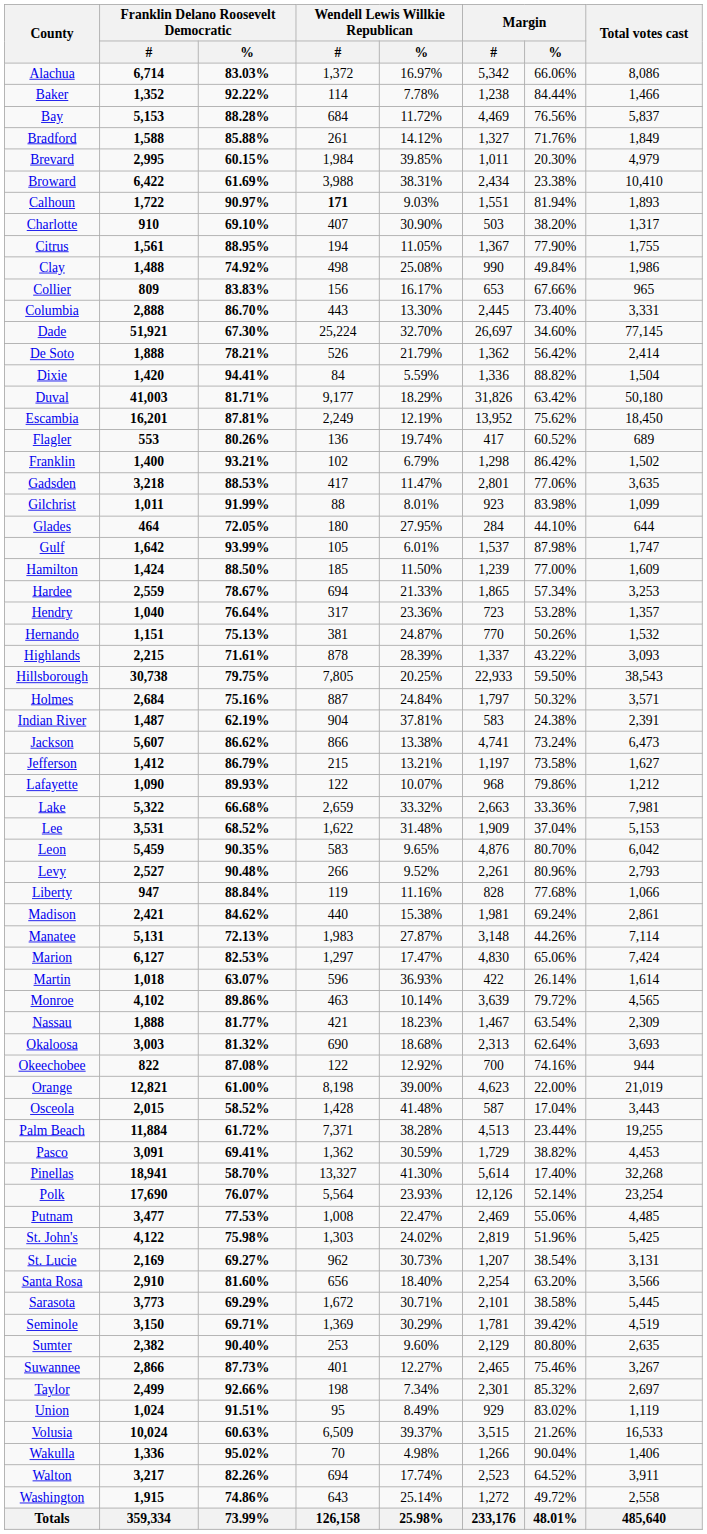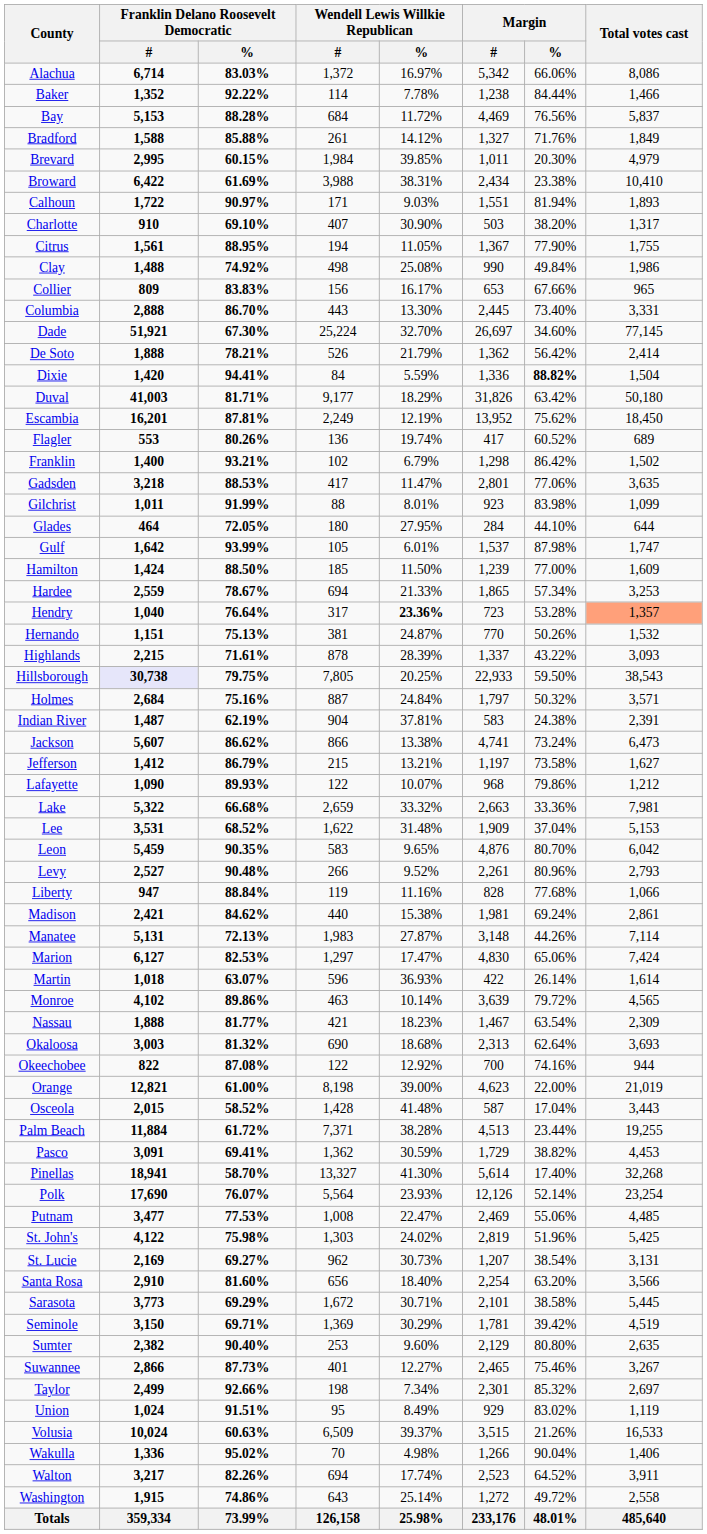 <table width="65%"  class="wikitable sortable" style="text-align:center">
 <tr>
 <th style="text-align:center;" rowspan="2">County</th>
 <th style="text-align:center;" colspan="2">Franklin Delano Roosevelt<br>Democratic</th>
 <th style="text-align:center;" colspan="2">Wendell Lewis Willkie<br>Republican</th>
 <th style="text-align:center;" colspan="2">Margin</th>
 <th style="text-align:center;" rowspan="2">Total votes cast</th>
 </tr>
 <tr>
 <th style="text-align:center;" data-sort-type="number">#</th>
 <th style="text-align:center;" data-sort-type="number">%</th>
 <th style="text-align:center;" data-sort-type="number">#</th>
 <th style="text-align:center;" data-sort-type="number">%</th>
 <th style="text-align:center;" data-sort-type="number">#</th>
 <th style="text-align:center;" data-sort-type="number">%</th>
 </tr>
 <tr style="text-align:center;">
 <td><a href='#'>Alachua</a></td>
 <td><strong>6,714</strong></td>
 <td><strong>83.03%</strong></td>
 <td>1,372</td>
 <td>16.97%</td>
 <td>5,342</td>
 <td>66.06%</td>
 <td>8,086</td>
 </tr>
 <tr style="text-align:center;">
 <td><a href='#'>Baker</a></td>
 <td><strong>1,352</strong></td>
 <td><strong>92.22%</strong></td>
 <td>114</td>
 <td>7.78%</td>
 <td>1,238</td>
 <td>84.44%</td>
 <td>1,466</td>
 </tr>
 <tr style="text-align:center;">
 <td><a href='#'>Bay</a></td>
 <td><strong>5,153</strong></td>
 <td><strong>88.28%</strong></td>
 <td>684</td>
 <td>11.72%</td>
 <td>4,469</td>
 <td>76.56%</td>
 <td>5,837</td>
 </tr>
 <tr style="text-align:center;">
 <td><a href='#'>Bradford</a></td>
 <td><strong>1,588</strong></td>
 <td><strong>85.88%</strong></td>
 <td>261</td>
 <td>14.12%</td>
 <td>1,327</td>
 <td>71.76%</td>
 <td>1,849</td>
 </tr>
 <tr style="text-align:center;">
 <td><a href='#'>Brevard</a></td>
 <td><strong>2,995</strong></td>
 <td><strong>60.15%</strong></td>
 <td>1,984</td>
 <td>39.85%</td>
 <td>1,011</td>
 <td>20.30%</td>
 <td>4,979</td>
 </tr>
 <tr style="text-align:center;">
 <td><a href='#'>Broward</a></td>
 <td><strong>6,422</strong></td>
 <td><strong>61.69%</strong></td>
 <td>3,988</td>
 <td>38.31%</td>
 <td>2,434</td>
 <td>23.38%</td>
 <td>10,410</td>
 </tr>
 <tr style="text-align:center;">
 <td><a href='#'>Calhoun</a></td>
 <td><strong>1,722</strong></td>
 <td><strong>90.97%</strong></td>
-<td><strong>171</strong></td>
+<td>171</td>
 <td>9.03%</td>
 <td>1,551</td>
 <td>81.94%</td>
 <td>1,893</td>
 </tr>
 <tr style="text-align:center;">
 <td><a href='#'>Charlotte</a></td>
 <td><strong>910</strong></td>
 <td><strong>69.10%</strong></td>
 <td>407</td>
 <td>30.90%</td>
 <td>503</td>
 <td>38.20%</td>
 <td>1,317</td>
 </tr>
 <tr style="text-align:center;">
 <td><a href='#'>Citrus</a></td>
 <td><strong>1,561</strong></td>
 <td><strong>88.95%</strong></td>
 <td>194</td>
 <td>11.05%</td>
 <td>1,367</td>
 <td>77.90%</td>
 <td>1,755</td>
 </tr>
 <tr style="text-align:center;">
 <td><a href='#'>Clay</a></td>
 <td><strong>1,488</strong></td>
 <td><strong>74.92%</strong></td>
 <td>498</td>
 <td>25.08%</td>
 <td>990</td>
 <td>49.84%</td>
 <td>1,986</td>
 </tr>
 <tr style="text-align:center;">
 <td><a href='#'>Collier</a></td>
 <td><strong>809</strong></td>
 <td><strong>83.83%</strong></td>
 <td>156</td>
 <td>16.17%</td>
 <td>653</td>
 <td>67.66%</td>
 <td>965</td>
 </tr>
 <tr style="text-align:center;">
 <td><a href='#'>Columbia</a></td>
 <td><strong>2,888</strong></td>
 <td><strong>86.70%</strong></td>
 <td>443</td>
 <td>13.30%</td>
 <td>2,445</td>
 <td>73.40%</td>
 <td>3,331</td>
 </tr>
 <tr style="text-align:center;">
 <td><a href='#'>Dade</a></td>
 <td><strong>51,921</strong></td>
 <td><strong>67.30%</strong></td>
 <td>25,224</td>
 <td>32.70%</td>
 <td>26,697</td>
 <td>34.60%</td>
 <td>77,145</td>
 </tr>
 <tr style="text-align:center;">
 <td><a href='#'>De Soto</a></td>
 <td><strong>1,888</strong></td>
 <td><strong>78.21%</strong></td>
 <td>526</td>
 <td>21.79%</td>
 <td>1,362</td>
 <td>56.42%</td>
 <td>2,414</td>
 </tr>
 <tr style="text-align:center;">
 <td><a href='#'>Dixie</a></td>
 <td><strong>1,420</strong></td>
 <td><strong>94.41%</strong></td>
 <td>84</td>
 <td>5.59%</td>
 <td>1,336</td>
-<td>88.82%</td>
+<td><strong>88.82%</strong></td>
 <td>1,504</td>
 </tr>
 <tr style="text-align:center;">
 <td><a href='#'>Duval</a></td>
 <td><strong>41,003</strong></td>
 <td><strong>81.71%</strong></td>
 <td>9,177</td>
 <td>18.29%</td>
 <td>31,826</td>
 <td>63.42%</td>
 <td>50,180</td>
 </tr>
 <tr style="text-align:center;">
 <td><a href='#'>Escambia</a></td>
 <td><strong>16,201</strong></td>
 <td><strong>87.81%</strong></td>
 <td>2,249</td>
 <td>12.19%</td>
 <td>13,952</td>
 <td>75.62%</td>
 <td>18,450</td>
 </tr>
 <tr style="text-align:center;">
 <td><a href='#'>Flagler</a></td>
 <td><strong>553</strong></td>
 <td><strong>80.26%</strong></td>
 <td>136</td>
 <td>19.74%</td>
 <td>417</td>
 <td>60.52%</td>
 <td>689</td>
 </tr>
 <tr style="text-align:center;">
 <td><a href='#'>Franklin</a></td>
 <td><strong>1,400</strong></td>
 <td><strong>93.21%</strong></td>
 <td>102</td>
 <td>6.79%</td>
 <td>1,298</td>
 <td>86.42%</td>
 <td>1,502</td>
 </tr>
 <tr style="text-align:center;">
 <td><a href='#'>Gadsden</a></td>
 <td><strong>3,218</strong></td>
 <td><strong>88.53%</strong></td>
 <td>417</td>
 <td>11.47%</td>
 <td>2,801</td>
 <td>77.06%</td>
 <td>3,635</td>
 </tr>
 <tr style="text-align:center;">
 <td><a href='#'>Gilchrist</a></td>
 <td><strong>1,011</strong></td>
 <td><strong>91.99%</strong></td>
 <td>88</td>
 <td>8.01%</td>
 <td>923</td>
 <td>83.98%</td>
 <td>1,099</td>
 </tr>
 <tr style="text-align:center;">
 <td><a href='#'>Glades</a></td>
 <td><strong>464</strong></td>
 <td><strong>72.05%</strong></td>
 <td>180</td>
 <td>27.95%</td>
 <td>284</td>
 <td>44.10%</td>
 <td>644</td>
 </tr>
 <tr style="text-align:center;">
 <td><a href='#'>Gulf</a></td>
 <td><strong>1,642</strong></td>
 <td><strong>93.99%</strong></td>
 <td>105</td>
 <td>6.01%</td>
 <td>1,537</td>
 <td>87.98%</td>
 <td>1,747</td>
 </tr>
 <tr style="text-align:center;">
 <td><a href='#'>Hamilton</a></td>
 <td><strong>1,424</strong></td>
 <td><strong>88.50%</strong></td>
 <td>185</td>
 <td>11.50%</td>
 <td>1,239</td>
 <td>77.00%</td>
 <td>1,609</td>
 </tr>
 <tr style="text-align:center;">
 <td><a href='#'>Hardee</a></td>
 <td><strong>2,559</strong></td>
 <td><strong>78.67%</strong></td>
 <td>694</td>
 <td>21.33%</td>
 <td>1,865</td>
 <td>57.34%</td>
 <td>3,253</td>
 </tr>
 <tr style="text-align:center;">
 <td><a href='#'>Hendry</a></td>
 <td><strong>1,040</strong></td>
 <td><strong>76.64%</strong></td>
 <td>317</td>
-<td>23.36%</td>
+<td><strong>23.36%</strong></td>
 <td>723</td>
 <td>53.28%</td>
-<td>1,357</td>
+<td style="background: lightsalmon;">1,357</td>
 </tr>
 <tr style="text-align:center;">
 <td><a href='#'>Hernando</a></td>
 <td><strong>1,151</strong></td>
 <td><strong>75.13%</strong></td>
 <td>381</td>
 <td>24.87%</td>
 <td>770</td>
 <td>50.26%</td>
 <td>1,532</td>
 </tr>
 <tr style="text-align:center;">
 <td><a href='#'>Highlands</a></td>
 <td><strong>2,215</strong></td>
 <td><strong>71.61%</strong></td>
 <td>878</td>
 <td>28.39%</td>
 <td>1,337</td>
 <td>43.22%</td>
 <td>3,093</td>
 </tr>
 <tr style="text-align:center;">
 <td><a href='#'>Hillsborough</a></td>
-<td><strong>30,738</strong></td>
+<td style="background: lavender;"><strong>30,738</strong></td>
 <td><strong>79.75%</strong></td>
 <td>7,805</td>
 <td>20.25%</td>
 <td>22,933</td>
 <td>59.50%</td>
 <td>38,543</td>
 </tr>
 <tr style="text-align:center;">
 <td><a href='#'>Holmes</a></td>
 <td><strong>2,684</strong></td>
 <td><strong>75.16%</strong></td>
 <td>887</td>
 <td>24.84%</td>
 <td>1,797</td>
 <td>50.32%</td>
 <td>3,571</td>
 </tr>
 <tr style="text-align:center;">
 <td><a href='#'>Indian River</a></td>
 <td><strong>1,487</strong></td>
 <td><strong>62.19%</strong></td>
 <td>904</td>
 <td>37.81%</td>
 <td>583</td>
 <td>24.38%</td>
 <td>2,391</td>
 </tr>
 <tr style="text-align:center;">
 <td><a href='#'>Jackson</a></td>
 <td><strong>5,607</strong></td>
 <td><strong>86.62%</strong></td>
 <td>866</td>
 <td>13.38%</td>
 <td>4,741</td>
 <td>73.24%</td>
 <td>6,473</td>
 </tr>
 <tr style="text-align:center;">
 <td><a href='#'>Jefferson</a></td>
 <td><strong>1,412</strong></td>
 <td><strong>86.79%</strong></td>
 <td>215</td>
 <td>13.21%</td>
 <td>1,197</td>
 <td>73.58%</td>
 <td>1,627</td>
 </tr>
 <tr style="text-align:center;">
 <td><a href='#'>Lafayette</a></td>
 <td><strong>1,090</strong></td>
 <td><strong>89.93%</strong></td>
 <td>122</td>
 <td>10.07%</td>
 <td>968</td>
 <td>79.86%</td>
 <td>1,212</td>
 </tr>
 <tr style="text-align:center;">
 <td><a href='#'>Lake</a></td>
 <td><strong>5,322</strong></td>
 <td><strong>66.68%</strong></td>
 <td>2,659</td>
 <td>33.32%</td>
 <td>2,663</td>
 <td>33.36%</td>
 <td>7,981</td>
 </tr>
 <tr style="text-align:center;">
 <td><a href='#'>Lee</a></td>
 <td><strong>3,531</strong></td>
 <td><strong>68.52%</strong></td>
 <td>1,622</td>
 <td>31.48%</td>
 <td>1,909</td>
 <td>37.04%</td>
 <td>5,153</td>
 </tr>
 <tr style="text-align:center;">
 <td><a href='#'>Leon</a></td>
 <td><strong>5,459</strong></td>
 <td><strong>90.35%</strong></td>
 <td>583</td>
 <td>9.65%</td>
 <td>4,876</td>
 <td>80.70%</td>
 <td>6,042</td>
 </tr>
 <tr style="text-align:center;">
 <td><a href='#'>Levy</a></td>
 <td><strong>2,527</strong></td>
 <td><strong>90.48%</strong></td>
 <td>266</td>
 <td>9.52%</td>
 <td>2,261</td>
 <td>80.96%</td>
 <td>2,793</td>
 </tr>
 <tr style="text-align:center;">
 <td><a href='#'>Liberty</a></td>
 <td><strong>947</strong></td>
 <td><strong>88.84%</strong></td>
 <td>119</td>
 <td>11.16%</td>
 <td>828</td>
 <td>77.68%</td>
 <td>1,066</td>
 </tr>
 <tr style="text-align:center;">
 <td><a href='#'>Madison</a></td>
 <td><strong>2,421</strong></td>
 <td><strong>84.62%</strong></td>
 <td>440</td>
 <td>15.38%</td>
 <td>1,981</td>
 <td>69.24%</td>
 <td>2,861</td>
 </tr>
 <tr style="text-align:center;">
 <td><a href='#'>Manatee</a></td>
 <td><strong>5,131</strong></td>
 <td><strong>72.13%</strong></td>
 <td>1,983</td>
 <td>27.87%</td>
 <td>3,148</td>
 <td>44.26%</td>
 <td>7,114</td>
 </tr>
 <tr style="text-align:center;">
 <td><a href='#'>Marion</a></td>
 <td><strong>6,127</strong></td>
 <td><strong>82.53%</strong></td>
 <td>1,297</td>
 <td>17.47%</td>
 <td>4,830</td>
 <td>65.06%</td>
 <td>7,424</td>
 </tr>
 <tr style="text-align:center;">
 <td><a href='#'>Martin</a></td>
 <td><strong>1,018</strong></td>
 <td><strong>63.07%</strong></td>
 <td>596</td>
 <td>36.93%</td>
 <td>422</td>
 <td>26.14%</td>
 <td>1,614</td>
 </tr>
 <tr style="text-align:center;">
 <td><a href='#'>Monroe</a></td>
 <td><strong>4,102</strong></td>
 <td><strong>89.86%</strong></td>
 <td>463</td>
 <td>10.14%</td>
 <td>3,639</td>
 <td>79.72%</td>
 <td>4,565</td>
 </tr>
 <tr style="text-align:center;">
 <td><a href='#'>Nassau</a></td>
 <td><strong>1,888</strong></td>
 <td><strong>81.77%</strong></td>
 <td>421</td>
 <td>18.23%</td>
 <td>1,467</td>
 <td>63.54%</td>
 <td>2,309</td>
 </tr>
 <tr style="text-align:center;">
 <td><a href='#'>Okaloosa</a></td>
 <td><strong>3,003</strong></td>
 <td><strong>81.32%</strong></td>
 <td>690</td>
 <td>18.68%</td>
 <td>2,313</td>
 <td>62.64%</td>
 <td>3,693</td>
 </tr>
 <tr style="text-align:center;">
 <td><a href='#'>Okeechobee</a></td>
 <td><strong>822</strong></td>
 <td><strong>87.08%</strong></td>
 <td>122</td>
 <td>12.92%</td>
 <td>700</td>
 <td>74.16%</td>
 <td>944</td>
 </tr>
 <tr style="text-align:center;">
 <td><a href='#'>Orange</a></td>
 <td><strong>12,821</strong></td>
 <td><strong>61.00%</strong></td>
 <td>8,198</td>
 <td>39.00%</td>
 <td>4,623</td>
 <td>22.00%</td>
 <td>21,019</td>
 </tr>
 <tr style="text-align:center;">
 <td><a href='#'>Osceola</a></td>
 <td><strong>2,015</strong></td>
 <td><strong>58.52%</strong></td>
 <td>1,428</td>
 <td>41.48%</td>
 <td>587</td>
 <td>17.04%</td>
 <td>3,443</td>
 </tr>
 <tr style="text-align:center;">
 <td><a href='#'>Palm Beach</a></td>
 <td><strong>11,884</strong></td>
 <td><strong>61.72%</strong></td>
 <td>7,371</td>
 <td>38.28%</td>
 <td>4,513</td>
 <td>23.44%</td>
 <td>19,255</td>
 </tr>
 <tr style="text-align:center;">
 <td><a href='#'>Pasco</a></td>
 <td><strong>3,091</strong></td>
 <td><strong>69.41%</strong></td>
 <td>1,362</td>
 <td>30.59%</td>
 <td>1,729</td>
 <td>38.82%</td>
 <td>4,453</td>
 </tr>
 <tr style="text-align:center;">
 <td><a href='#'>Pinellas</a></td>
 <td><strong>18,941</strong></td>
 <td><strong>58.70%</strong></td>
 <td>13,327</td>
 <td>41.30%</td>
 <td>5,614</td>
 <td>17.40%</td>
 <td>32,268</td>
 </tr>
 <tr style="text-align:center;">
 <td><a href='#'>Polk</a></td>
 <td><strong>17,690</strong></td>
 <td><strong>76.07%</strong></td>
 <td>5,564</td>
 <td>23.93%</td>
 <td>12,126</td>
 <td>52.14%</td>
 <td>23,254</td>
 </tr>
 <tr style="text-align:center;">
 <td><a href='#'>Putnam</a></td>
 <td><strong>3,477</strong></td>
 <td><strong>77.53%</strong></td>
 <td>1,008</td>
 <td>22.47%</td>
 <td>2,469</td>
 <td>55.06%</td>
 <td>4,485</td>
 </tr>
 <tr style="text-align:center;">
 <td><a href='#'>St. John's</a></td>
 <td><strong>4,122</strong></td>
 <td><strong>75.98%</strong></td>
 <td>1,303</td>
 <td>24.02%</td>
 <td>2,819</td>
 <td>51.96%</td>
 <td>5,425</td>
 </tr>
 <tr style="text-align:center;">
 <td><a href='#'>St. Lucie</a></td>
 <td><strong>2,169</strong></td>
 <td><strong>69.27%</strong></td>
 <td>962</td>
 <td>30.73%</td>
 <td>1,207</td>
 <td>38.54%</td>
 <td>3,131</td>
 </tr>
 <tr style="text-align:center;">
 <td><a href='#'>Santa Rosa</a></td>
 <td><strong>2,910</strong></td>
 <td><strong>81.60%</strong></td>
 <td>656</td>
 <td>18.40%</td>
 <td>2,254</td>
 <td>63.20%</td>
 <td>3,566</td>
 </tr>
 <tr style="text-align:center;">
 <td><a href='#'>Sarasota</a></td>
 <td><strong>3,773</strong></td>
 <td><strong>69.29%</strong></td>
 <td>1,672</td>
 <td>30.71%</td>
 <td>2,101</td>
 <td>38.58%</td>
 <td>5,445</td>
 </tr>
 <tr style="text-align:center;">
 <td><a href='#'>Seminole</a></td>
 <td><strong>3,150</strong></td>
 <td><strong>69.71%</strong></td>
 <td>1,369</td>
 <td>30.29%</td>
 <td>1,781</td>
 <td>39.42%</td>
 <td>4,519</td>
 </tr>
 <tr style="text-align:center;">
 <td><a href='#'>Sumter</a></td>
 <td><strong>2,382</strong></td>
 <td><strong>90.40%</strong></td>
 <td>253</td>
 <td>9.60%</td>
 <td>2,129</td>
 <td>80.80%</td>
 <td>2,635</td>
 </tr>
 <tr style="text-align:center;">
 <td><a href='#'>Suwannee</a></td>
 <td><strong>2,866</strong></td>
 <td><strong>87.73%</strong></td>
 <td>401</td>
 <td>12.27%</td>
 <td>2,465</td>
 <td>75.46%</td>
 <td>3,267</td>
 </tr>
 <tr style="text-align:center;">
 <td><a href='#'>Taylor</a></td>
 <td><strong>2,499</strong></td>
 <td><strong>92.66%</strong></td>
 <td>198</td>
 <td>7.34%</td>
 <td>2,301</td>
 <td>85.32%</td>
 <td>2,697</td>
 </tr>
 <tr style="text-align:center;">
 <td><a href='#'>Union</a></td>
 <td><strong>1,024</strong></td>
 <td><strong>91.51%</strong></td>
 <td>95</td>
 <td>8.49%</td>
 <td>929</td>
 <td>83.02%</td>
 <td>1,119</td>
 </tr>
 <tr style="text-align:center;">
 <td><a href='#'>Volusia</a></td>
 <td><strong>10,024</strong></td>
 <td><strong>60.63%</strong></td>
 <td>6,509</td>
 <td>39.37%</td>
 <td>3,515</td>
 <td>21.26%</td>
 <td>16,533</td>
 </tr>
 <tr style="text-align:center;">
 <td><a href='#'>Wakulla</a></td>
 <td><strong>1,336</strong></td>
 <td><strong>95.02%</strong></td>
 <td>70</td>
 <td>4.98%</td>
 <td>1,266</td>
 <td>90.04%</td>
 <td>1,406</td>
 </tr>
 <tr style="text-align:center;">
 <td><a href='#'>Walton</a></td>
 <td><strong>3,217</strong></td>
 <td><strong>82.26%</strong></td>
 <td>694</td>
 <td>17.74%</td>
 <td>2,523</td>
 <td>64.52%</td>
 <td>3,911</td>
 </tr>
 <tr style="text-align:center;">
 <td><a href='#'>Washington</a></td>
 <td><strong>1,915</strong></td>
 <td><strong>74.86%</strong></td>
 <td>643</td>
 <td>25.14%</td>
 <td>1,272</td>
 <td>49.72%</td>
 <td>2,558</td>
 </tr>
 <tr style="text-align:center;">
 <th>Totals</th>
 <th>359,334</th>
 <th>73.99%</th>
 <th>126,158</th>
 <th>25.98%</th>
 <th>233,176</th>
 <th>48.01%</th>
 <th>485,640</th>
 </tr>
 </table>
